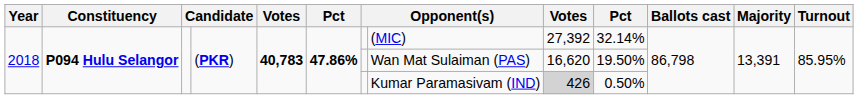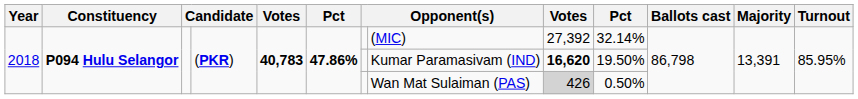 <table class="wikitable" style="margin:0.5em ; font-size:95%">
 <tr>
 <th>Year</th>
 <th>Constituency</th>
 <th colspan=2>Candidate</th>
 <th>Votes</th>
 <th>Pct</th>
 <th colspan=2>Opponent(s)</th>
 <th>Votes</th>
 <th>Pct</th>
 <th>Ballots cast</th>
 <th>Majority</th>
 <th>Turnout</th>
 </tr>
 <tr>
 <td rowspan=3><a href='#'>2018</a></td>
 <td rowspan=3><strong>P094 <a href='#'>Hulu Selangor</a></strong></td>
 <td rowspan=3 ></td>
 <td rowspan=3> (<a href='#'><strong>PKR</strong></a>)</td>
 <td rowspan=3 align="right"><strong>40,783</strong></td>
 <td rowspan=3><strong>47.86%</strong></td>
 <td></td>
 <td> (<a href='#'>MIC</a>)</td>
 <td align="right">27,392</td>
 <td>32.14%</td>
 <td rowspan=3>86,798</td>
 <td rowspan=3>13,391</td>
 <td rowspan=3>85.95%</td>
 </tr>
 <tr>
 <td></td>
-<td>Wan Mat Sulaiman (<a href='#'>PAS</a>)</td>
-<td align="right">16,620</td>
+<td>Kumar Paramasivam (<a href='#'>IND</a>)</td>
+<td align="right"><strong>16,620</strong></td>
 <td>19.50%</td>
 </tr>
 <tr>
 <td></td>
-<td>Kumar Paramasivam (<a href='#'>IND</a>)</td>
+<td>Wan Mat Sulaiman (<a href='#'>PAS</a>)</td>
 <td align="right" style="background: lightgrey;">426</td>
 <td align="right">0.50%</td>
 </tr>
 </table>
